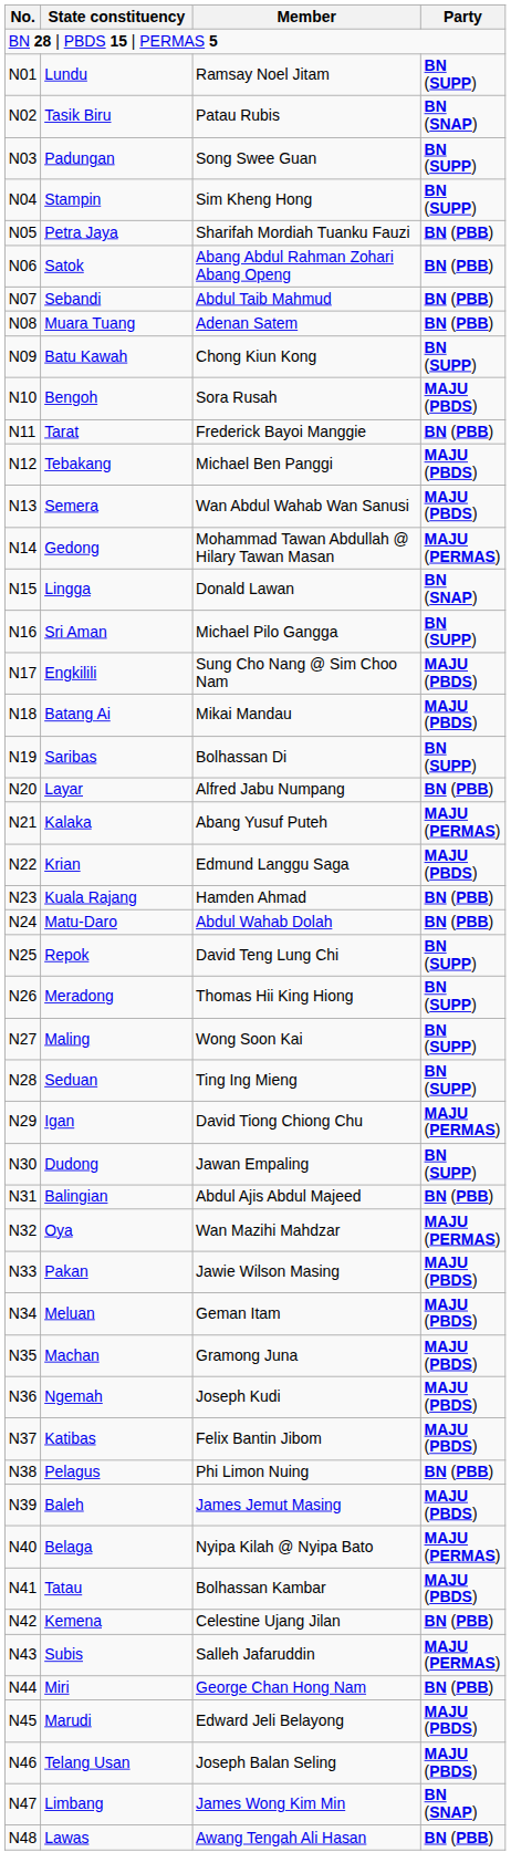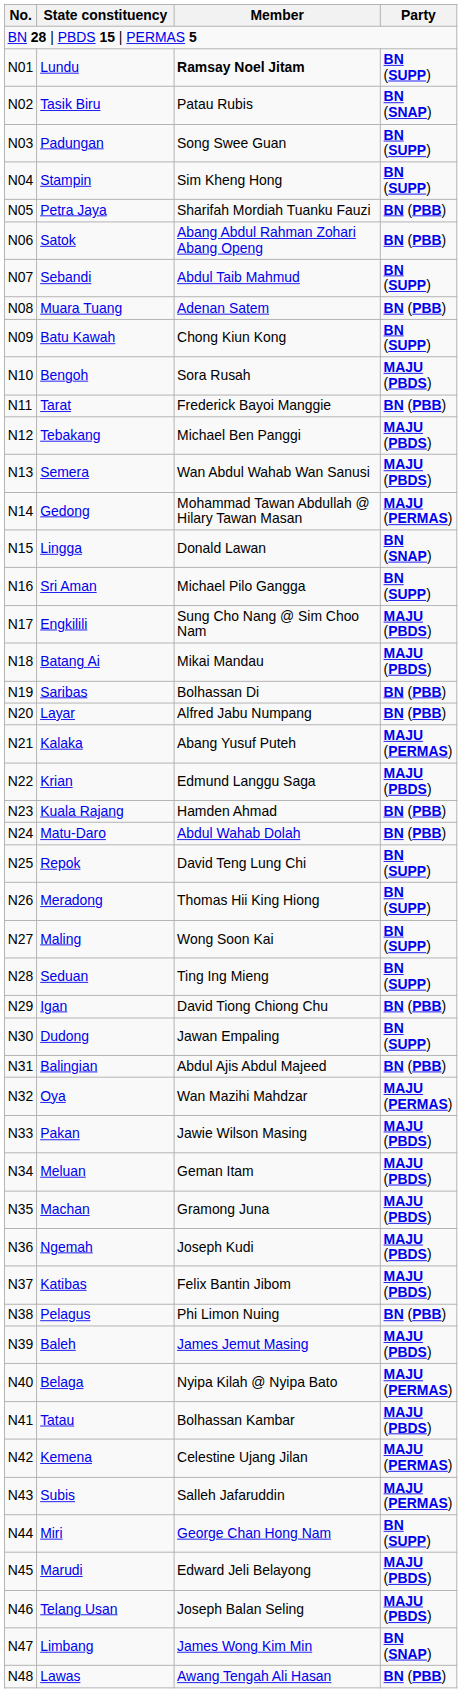 <table class="wikitable sortable">
 <tr>
 <th style="width:30px;">No.</th>
 <th style="width:150px;">State constituency</th>
 <th style="width:230px;">Member</th>
 <th style="width:80px;">Party</th>
 </tr>
 <tr>
 <td colspan="4"><a href='#'>BN</a> <strong>28</strong> | <a href='#'>PBDS</a> <strong>15</strong> | <a href='#'>PERMAS</a> <strong>5</strong></td>
 </tr>
 <tr>
 <td>N01</td>
 <td><a href='#'>Lundu</a></td>
-<td>Ramsay Noel Jitam</td>
+<td><strong>Ramsay Noel Jitam</strong></td>
 <td><strong><a href='#'>BN</a></strong> (<strong><a href='#'>SUPP</a></strong>)</td>
 </tr>
 <tr>
 <td>N02</td>
 <td><a href='#'>Tasik Biru</a></td>
 <td>Patau Rubis</td>
 <td><strong><a href='#'>BN</a></strong> (<strong><a href='#'>SNAP</a></strong>)</td>
 </tr>
 <tr>
 <td>N03</td>
 <td><a href='#'>Padungan</a></td>
 <td>Song Swee Guan</td>
 <td><strong><a href='#'>BN</a></strong> (<strong><a href='#'>SUPP</a></strong>)</td>
 </tr>
 <tr>
 <td>N04</td>
 <td><a href='#'>Stampin</a></td>
 <td>Sim Kheng Hong</td>
 <td><strong><a href='#'>BN</a></strong> (<strong><a href='#'>SUPP</a></strong>)</td>
 </tr>
 <tr>
 <td>N05</td>
 <td><a href='#'>Petra Jaya</a></td>
 <td>Sharifah Mordiah Tuanku Fauzi</td>
 <td><strong><a href='#'>BN</a></strong> (<strong><a href='#'>PBB</a></strong>)</td>
 </tr>
 <tr>
 <td>N06</td>
 <td><a href='#'>Satok</a></td>
 <td><a href='#'>Abang Abdul Rahman Zohari Abang Openg</a></td>
 <td><strong><a href='#'>BN</a></strong> (<strong><a href='#'>PBB</a></strong>)</td>
 </tr>
 <tr>
 <td>N07</td>
 <td><a href='#'>Sebandi</a></td>
 <td><a href='#'>Abdul Taib Mahmud</a></td>
-<td><strong><a href='#'>BN</a></strong> (<strong><a href='#'>PBB</a></strong>)</td>
+<td><strong><a href='#'>BN</a></strong> (<strong><a href='#'>SUPP</a></strong>)</td>
 </tr>
 <tr>
 <td>N08</td>
 <td><a href='#'>Muara Tuang</a></td>
 <td><a href='#'>Adenan Satem</a></td>
 <td><strong><a href='#'>BN</a></strong> (<strong><a href='#'>PBB</a></strong>)</td>
 </tr>
 <tr>
 <td>N09</td>
 <td><a href='#'>Batu Kawah</a></td>
 <td>Chong Kiun Kong</td>
 <td><strong><a href='#'>BN</a></strong> (<strong><a href='#'>SUPP</a></strong>)</td>
 </tr>
 <tr>
 <td>N10</td>
 <td><a href='#'>Bengoh</a></td>
 <td>Sora Rusah</td>
 <td><strong><a href='#'>MAJU</a></strong> (<strong><a href='#'>PBDS</a></strong>)</td>
 </tr>
 <tr>
 <td>N11</td>
 <td><a href='#'>Tarat</a></td>
 <td>Frederick Bayoi Manggie</td>
 <td><strong><a href='#'>BN</a></strong> (<strong><a href='#'>PBB</a></strong>)</td>
 </tr>
 <tr>
 <td>N12</td>
 <td><a href='#'>Tebakang</a></td>
 <td>Michael Ben Panggi</td>
 <td><strong><a href='#'>MAJU</a></strong> (<strong><a href='#'>PBDS</a></strong>)</td>
 </tr>
 <tr>
 <td>N13</td>
 <td><a href='#'>Semera</a></td>
 <td>Wan Abdul Wahab Wan Sanusi</td>
 <td><strong><a href='#'>MAJU</a></strong> (<strong><a href='#'>PBDS</a></strong>)</td>
 </tr>
 <tr>
 <td>N14</td>
 <td><a href='#'>Gedong</a></td>
 <td>Mohammad Tawan Abdullah @ Hilary Tawan Masan</td>
 <td><strong><a href='#'>MAJU</a></strong> (<strong><a href='#'>PERMAS</a></strong>)</td>
 </tr>
 <tr>
 <td>N15</td>
 <td><a href='#'>Lingga</a></td>
 <td>Donald Lawan</td>
 <td><strong><a href='#'>BN</a></strong> (<strong><a href='#'>SNAP</a></strong>)</td>
 </tr>
 <tr>
 <td>N16</td>
 <td><a href='#'>Sri Aman</a></td>
 <td>Michael Pilo Gangga</td>
 <td><strong><a href='#'>BN</a></strong> (<strong><a href='#'>SUPP</a></strong>)</td>
 </tr>
 <tr>
 <td>N17</td>
 <td><a href='#'>Engkilili</a></td>
 <td>Sung Cho Nang @ Sim Choo Nam</td>
 <td><strong><a href='#'>MAJU</a></strong> (<strong><a href='#'>PBDS</a></strong>)</td>
 </tr>
 <tr>
 <td>N18</td>
 <td><a href='#'>Batang Ai</a></td>
 <td>Mikai Mandau</td>
 <td><strong><a href='#'>MAJU</a></strong> (<strong><a href='#'>PBDS</a></strong>)</td>
 </tr>
 <tr>
 <td>N19</td>
 <td><a href='#'>Saribas</a></td>
 <td>Bolhassan Di</td>
-<td><strong><a href='#'>BN</a></strong> (<strong><a href='#'>SUPP</a></strong>)</td>
+<td><strong><a href='#'>BN</a></strong> (<strong><a href='#'>PBB</a></strong>)</td>
 </tr>
 <tr>
 <td>N20</td>
 <td><a href='#'>Layar</a></td>
 <td>Alfred Jabu Numpang</td>
 <td><strong><a href='#'>BN</a></strong> (<strong><a href='#'>PBB</a></strong>)</td>
 </tr>
 <tr>
 <td>N21</td>
 <td><a href='#'>Kalaka</a></td>
 <td>Abang Yusuf Puteh</td>
 <td><strong><a href='#'>MAJU</a></strong> (<strong><a href='#'>PERMAS</a></strong>)</td>
 </tr>
 <tr>
 <td>N22</td>
 <td><a href='#'>Krian</a></td>
 <td>Edmund Langgu Saga</td>
 <td><strong><a href='#'>MAJU</a></strong> (<strong><a href='#'>PBDS</a></strong>)</td>
 </tr>
 <tr>
 <td>N23</td>
 <td><a href='#'>Kuala Rajang</a></td>
 <td>Hamden Ahmad</td>
 <td><strong><a href='#'>BN</a></strong> (<strong><a href='#'>PBB</a></strong>)</td>
 </tr>
 <tr>
 <td>N24</td>
 <td><a href='#'>Matu-Daro</a></td>
 <td><a href='#'>Abdul Wahab Dolah</a></td>
 <td><strong><a href='#'>BN</a></strong> (<strong><a href='#'>PBB</a></strong>)</td>
 </tr>
 <tr>
 <td>N25</td>
 <td><a href='#'>Repok</a></td>
 <td>David Teng Lung Chi</td>
 <td><strong><a href='#'>BN</a></strong> (<strong><a href='#'>SUPP</a></strong>)</td>
 </tr>
 <tr>
 <td>N26</td>
 <td><a href='#'>Meradong</a></td>
 <td>Thomas Hii King Hiong</td>
 <td><strong><a href='#'>BN</a></strong> (<strong><a href='#'>SUPP</a></strong>)</td>
 </tr>
 <tr>
 <td>N27</td>
 <td><a href='#'>Maling</a></td>
 <td>Wong Soon Kai</td>
 <td><strong><a href='#'>BN</a></strong> (<strong><a href='#'>SUPP</a></strong>)</td>
 </tr>
 <tr>
 <td>N28</td>
 <td><a href='#'>Seduan</a></td>
 <td>Ting Ing Mieng</td>
 <td><strong><a href='#'>BN</a></strong> (<strong><a href='#'>SUPP</a></strong>)</td>
 </tr>
 <tr>
 <td>N29</td>
 <td><a href='#'>Igan</a></td>
 <td>David Tiong Chiong Chu</td>
-<td><strong><a href='#'>MAJU</a></strong> (<strong><a href='#'>PERMAS</a></strong>)</td>
+<td><strong><a href='#'>BN</a></strong> (<strong><a href='#'>PBB</a></strong>)</td>
 </tr>
 <tr>
 <td>N30</td>
 <td><a href='#'>Dudong</a></td>
 <td>Jawan Empaling</td>
 <td><strong><a href='#'>BN</a></strong> (<strong><a href='#'>SUPP</a></strong>)</td>
 </tr>
 <tr>
 <td>N31</td>
 <td><a href='#'>Balingian</a></td>
 <td>Abdul Ajis Abdul Majeed</td>
 <td><strong><a href='#'>BN</a></strong> (<strong><a href='#'>PBB</a></strong>)</td>
 </tr>
 <tr>
 <td>N32</td>
 <td><a href='#'>Oya</a></td>
 <td>Wan Mazihi Mahdzar</td>
 <td><strong><a href='#'>MAJU</a></strong> (<strong><a href='#'>PERMAS</a></strong>)</td>
 </tr>
 <tr>
 <td>N33</td>
 <td><a href='#'>Pakan</a></td>
 <td>Jawie Wilson Masing</td>
 <td><strong><a href='#'>MAJU</a></strong> (<strong><a href='#'>PBDS</a></strong>)</td>
 </tr>
 <tr>
 <td>N34</td>
 <td><a href='#'>Meluan</a></td>
 <td>Geman Itam</td>
 <td><strong><a href='#'>MAJU</a></strong> (<strong><a href='#'>PBDS</a></strong>)</td>
 </tr>
 <tr>
 <td>N35</td>
 <td><a href='#'>Machan</a></td>
 <td>Gramong Juna</td>
 <td><strong><a href='#'>MAJU</a></strong> (<strong><a href='#'>PBDS</a></strong>)</td>
 </tr>
 <tr>
 <td>N36</td>
 <td><a href='#'>Ngemah</a></td>
 <td>Joseph Kudi</td>
 <td><strong><a href='#'>MAJU</a></strong> (<strong><a href='#'>PBDS</a></strong>)</td>
 </tr>
 <tr>
 <td>N37</td>
 <td><a href='#'>Katibas</a></td>
 <td>Felix Bantin Jibom</td>
 <td><strong><a href='#'>MAJU</a></strong> (<strong><a href='#'>PBDS</a></strong>)</td>
 </tr>
 <tr>
 <td>N38</td>
 <td><a href='#'>Pelagus</a></td>
 <td>Phi Limon Nuing</td>
 <td><strong><a href='#'>BN</a></strong> (<strong><a href='#'>PBB</a></strong>)</td>
 </tr>
 <tr>
 <td>N39</td>
 <td><a href='#'>Baleh</a></td>
 <td><a href='#'>James Jemut Masing</a></td>
 <td><strong><a href='#'>MAJU</a></strong> (<strong><a href='#'>PBDS</a></strong>)</td>
 </tr>
 <tr>
 <td>N40</td>
 <td><a href='#'>Belaga</a></td>
 <td>Nyipa Kilah @ Nyipa Bato</td>
 <td><strong><a href='#'>MAJU</a></strong> (<strong><a href='#'>PERMAS</a></strong>)</td>
 </tr>
 <tr>
 <td>N41</td>
 <td><a href='#'>Tatau</a></td>
 <td>Bolhassan Kambar</td>
 <td><strong><a href='#'>MAJU</a></strong> (<strong><a href='#'>PBDS</a></strong>)</td>
 </tr>
 <tr>
 <td>N42</td>
 <td><a href='#'>Kemena</a></td>
 <td>Celestine Ujang Jilan</td>
-<td><strong><a href='#'>BN</a></strong> (<strong><a href='#'>PBB</a></strong>)</td>
+<td><strong><a href='#'>MAJU</a></strong> (<strong><a href='#'>PERMAS</a></strong>)</td>
 </tr>
 <tr>
 <td>N43</td>
 <td><a href='#'>Subis</a></td>
 <td>Salleh Jafaruddin</td>
 <td><strong><a href='#'>MAJU</a></strong> (<strong><a href='#'>PERMAS</a></strong>)</td>
 </tr>
 <tr>
 <td>N44</td>
 <td><a href='#'>Miri</a></td>
 <td><a href='#'>George Chan Hong Nam</a></td>
-<td><strong><a href='#'>BN</a></strong> (<strong><a href='#'>PBB</a></strong>)</td>
+<td><strong><a href='#'>BN</a></strong> (<strong><a href='#'>SUPP</a></strong>)</td>
 </tr>
 <tr>
 <td>N45</td>
 <td><a href='#'>Marudi</a></td>
 <td>Edward Jeli Belayong</td>
 <td><strong><a href='#'>MAJU</a></strong> (<strong><a href='#'>PBDS</a></strong>)</td>
 </tr>
 <tr>
 <td>N46</td>
 <td><a href='#'>Telang Usan</a></td>
 <td>Joseph Balan Seling</td>
 <td><strong><a href='#'>MAJU</a></strong> (<strong><a href='#'>PBDS</a></strong>)</td>
 </tr>
 <tr>
 <td>N47</td>
 <td><a href='#'>Limbang</a></td>
 <td><a href='#'>James Wong Kim Min</a></td>
 <td><strong><a href='#'>BN</a></strong> (<strong><a href='#'>SNAP</a></strong>)</td>
 </tr>
 <tr>
 <td>N48</td>
 <td><a href='#'>Lawas</a></td>
 <td><a href='#'>Awang Tengah Ali Hasan</a></td>
 <td><strong><a href='#'>BN</a></strong> (<strong><a href='#'>PBB</a></strong>)</td>
 </tr>
 </table>
